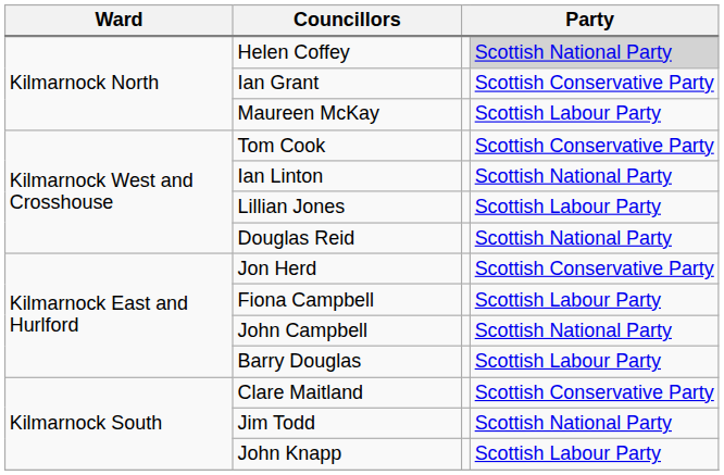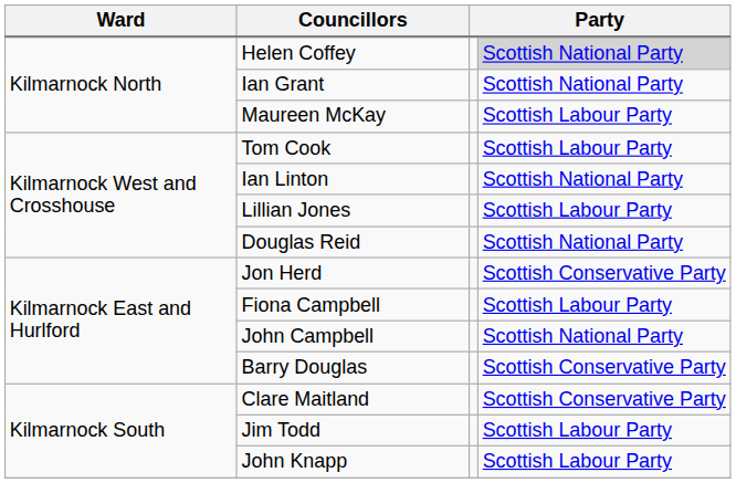 <table class="wikitable mw-collapsible mw-collapsed">
 <tr style="background-color:#E9E9E9; border-bottom: 2px solid gray;">
 <th width="180"><strong>Ward</strong></th>
 <th width="180"><strong>Councillors</strong></th>
 <th colspan=2 width="120">Party</th>
 </tr>
 <tr>
 <td rowspan=3>Kilmarnock North</td>
 <td>Helen Coffey</td>
 <td></td>
 <td style="background: lightgrey;"><a href='#'>Scottish National Party</a></td>
 </tr>
 <tr>
 <td>Ian Grant</td>
 <td></td>
-<td><a href='#'>Scottish Conservative Party</a></td>
+<td><a href='#'>Scottish National Party</a></td>
 </tr>
 <tr>
 <td>Maureen McKay</td>
 <td></td>
 <td><a href='#'>Scottish Labour Party</a></td>
 </tr>
 <tr>
 <td rowspan=4>Kilmarnock West and Crosshouse</td>
 <td>Tom Cook</td>
 <td></td>
-<td><a href='#'>Scottish Conservative Party</a></td>
+<td><a href='#'>Scottish Labour Party</a></td>
 </tr>
 <tr>
 <td>Ian Linton</td>
 <td></td>
 <td><a href='#'>Scottish National Party</a></td>
 </tr>
 <tr>
 <td>Lillian Jones</td>
 <td></td>
 <td><a href='#'>Scottish Labour Party</a></td>
 </tr>
 <tr>
 <td>Douglas Reid</td>
 <td></td>
 <td><a href='#'>Scottish National Party</a></td>
 </tr>
 <tr>
 <td rowspan=4>Kilmarnock East and Hurlford</td>
 <td>Jon Herd</td>
 <td></td>
 <td><a href='#'>Scottish Conservative Party</a></td>
 </tr>
 <tr>
 <td>Fiona Campbell</td>
 <td></td>
 <td><a href='#'>Scottish Labour Party</a></td>
 </tr>
 <tr>
 <td>John Campbell</td>
 <td></td>
 <td><a href='#'>Scottish National Party</a></td>
 </tr>
 <tr>
 <td>Barry Douglas</td>
 <td></td>
-<td><a href='#'>Scottish Labour Party</a></td>
+<td><a href='#'>Scottish Conservative Party</a></td>
 </tr>
 <tr>
 <td rowspan=3>Kilmarnock South</td>
 <td>Clare Maitland</td>
 <td></td>
 <td><a href='#'>Scottish Conservative Party</a></td>
 </tr>
 <tr>
 <td>Jim Todd</td>
 <td></td>
-<td><a href='#'>Scottish National Party</a></td>
+<td><a href='#'>Scottish Labour Party</a></td>
 </tr>
 <tr>
 <td>John Knapp</td>
 <td></td>
 <td><a href='#'>Scottish Labour Party</a></td>
 </tr>
 <tr>
 </tr>
 </table>
